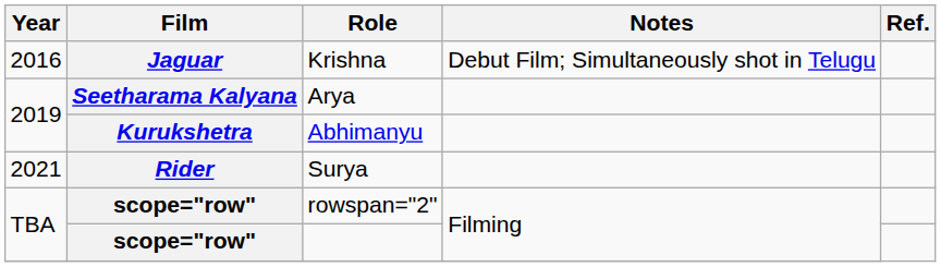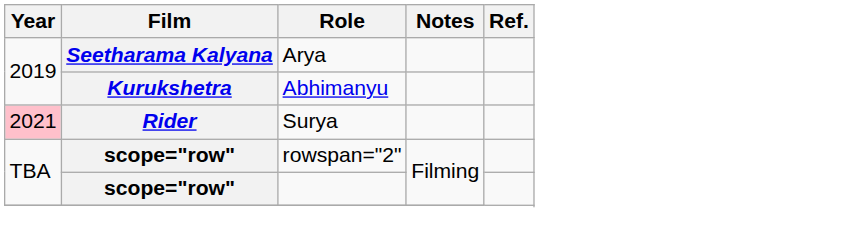 <table class="wikitable plainrowheaders sortable">
 <tr>
 <th>Year</th>
 <th>Film</th>
 <th>Role</th>
 <th>Notes</th>
 <th>Ref.</th>
-</tr>
-<tr>
-<td>2016</td>
-<th scope="row"><em><a href='#'>Jaguar</a></em></th>
-<td>Krishna</td>
-<td>Debut Film; Simultaneously shot in <a href='#'>Telugu</a></td>
-<td></td>
 </tr>
 <tr>
 <td rowspan="2">2019</td>
 <th scope="row"><em><a href='#'>Seetharama Kalyana</a></em></th>
 <td>Arya</td>
 <td></td>
 <td></td>
 </tr>
 <tr>
 <th scope="row"><em><a href='#'>Kurukshetra</a></em></th>
 <td><a href='#'>Abhimanyu</a></td>
 <td></td>
 <td></td>
 </tr>
 <tr>
-<td>2021</td>
+<td style="background: pink;">2021</td>
 <th scope="row"><em><a href='#'>Rider</a></em></th>
 <td>Surya</td>
 <td></td>
 <td></td>
 </tr>
 <tr>
 <td rowspan="2">TBA</td>
 <th>scope="row" </th>
 <td>rowspan="2" </td>
 <td rowspan="2">Filming</td>
 <td></td>
 </tr>
 <tr>
 <th>scope="row" </th>
 <td></td>
 </tr>
 <tr>
 </tr>
 </table>
